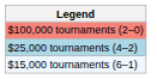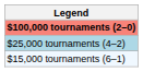 <table class=wikitable style="font-size:85%">
 <tr>
 <th>Legend</th>
 </tr>
 <tr style="background:#f88379;">
-<td>$100,000 tournaments (2–0)</td>
+<td><strong>$100,000 tournaments (2–0)</strong></td>
 </tr>
 <tr style="background:lightblue;">
 <td>$25,000 tournaments (4–2)</td>
 </tr>
 <tr style="background:#f0f8ff;">
 <td>$15,000 tournaments (6–1)</td>
 </tr>
 </table>
